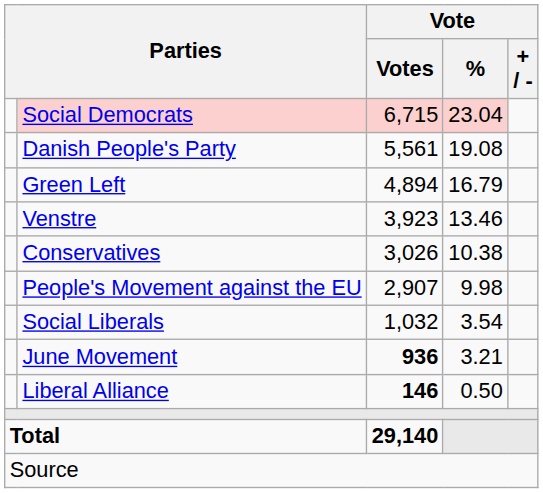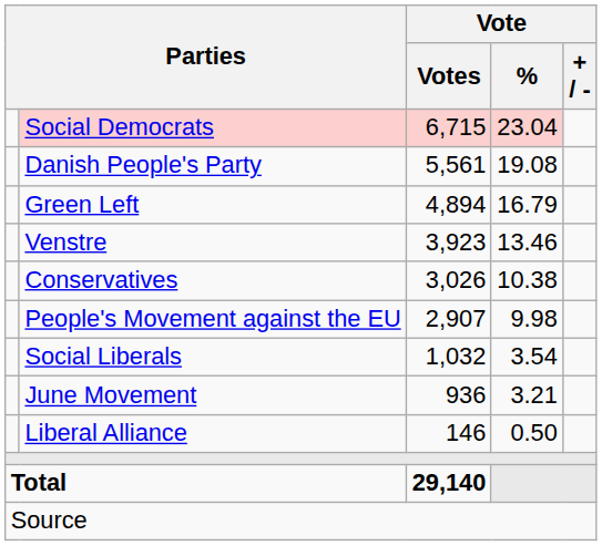 <table class="wikitable" style="text-align:right;">
 <tr>
 <th style="text-align:centre;" rowspan="2" colspan="2" width="225">Parties</th>
 <th colspan="3">Vote</th>
 </tr>
 <tr>
 <th width="15">Votes</th>
 <th width="15">%</th>
 <th width="15">+ / -</th>
 </tr>
 <tr>
 <td width="2" style="color:inherit;background:"></td>
 <td bgcolor=#fbd0ce   align="left"><a href='#'>Social Democrats</a></td>
 <td bgcolor=#fbd0ce>6,715</td>
 <td bgcolor=#fbd0ce>23.04</td>
 <td></td>
 </tr>
 <tr>
 <td width="2" style="color:inherit;background:"></td>
 <td align="left"><a href='#'>Danish People's Party</a></td>
 <td>5,561</td>
 <td>19.08</td>
 <td></td>
 </tr>
 <tr>
 <td width="2" style="color:inherit;background:"></td>
 <td align="left"><a href='#'>Green Left</a></td>
 <td>4,894</td>
 <td>16.79</td>
 <td></td>
 </tr>
 <tr>
 <td width="2" style="color:inherit;background:"></td>
 <td align="left"><a href='#'>Venstre</a></td>
 <td>3,923</td>
 <td>13.46</td>
 <td></td>
 </tr>
 <tr>
 <td width="2" style="color:inherit;background:"></td>
 <td align="left"><a href='#'>Conservatives</a></td>
 <td>3,026</td>
 <td>10.38</td>
 <td></td>
 </tr>
 <tr>
 <td width="2" style="color:inherit;background:"></td>
 <td align="left"><a href='#'>People's Movement against the EU</a></td>
 <td>2,907</td>
 <td>9.98</td>
 <td></td>
 </tr>
 <tr>
 <td width="2" style="color:inherit;background:"></td>
 <td align="left"><a href='#'>Social Liberals</a></td>
 <td>1,032</td>
 <td>3.54</td>
 <td></td>
 </tr>
 <tr>
 <td width="2" style="color:inherit;background:"></td>
 <td align="left"><a href='#'>June Movement</a></td>
-<td><strong>936</strong></td>
+<td>936</td>
 <td>3.21</td>
 <td></td>
 </tr>
 <tr>
 <td width="2" style="color:inherit;background:"></td>
 <td align="left"><a href='#'>Liberal Alliance</a></td>
-<td><strong>146</strong></td>
+<td>146</td>
 <td>0.50</td>
 <td></td>
 </tr>
 <tr>
 <td colspan="7" bgcolor="#E9E9E9"></td>
 </tr>
 <tr>
 <td align="left" colspan="2"><strong>Total</strong></td>
 <td><strong>29,140</strong></td>
 <td bgcolor="#E9E9E9" colspan="2"></td>
 </tr>
 <tr>
 <td align="left" colspan="6">Source</td>
 </tr>
 </table>
